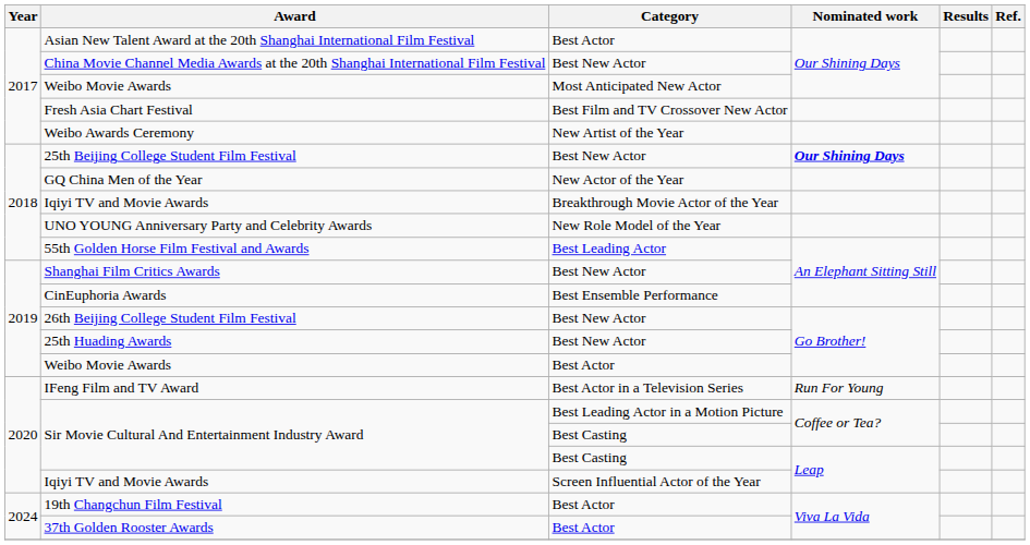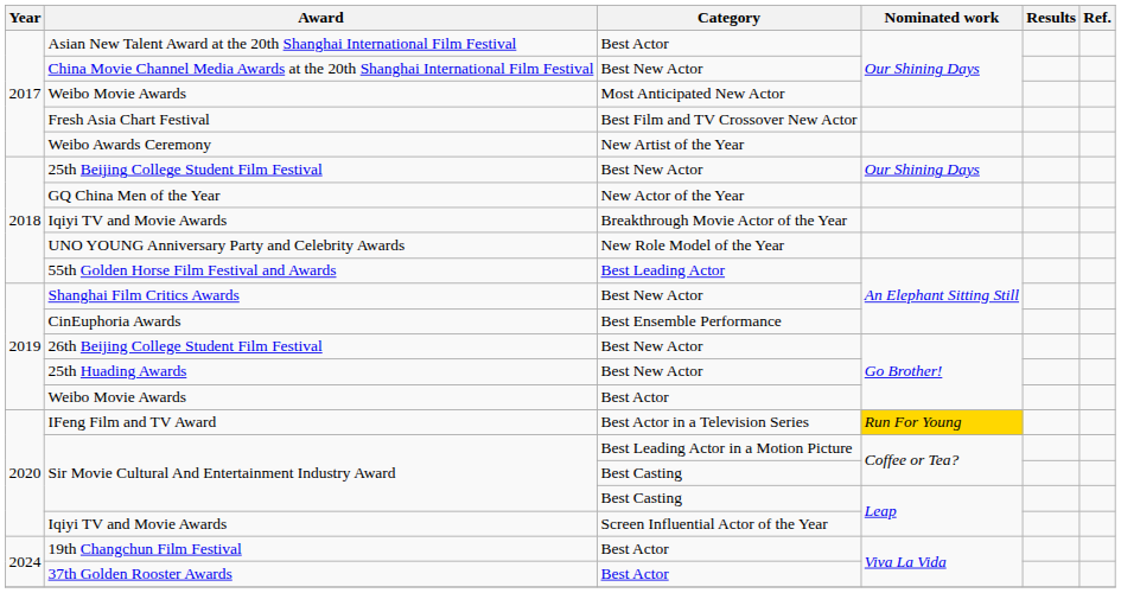 <table class="wikitable">
 <tr>
 <th>Year</th>
 <th>Award</th>
 <th>Category</th>
 <th>Nominated work</th>
 <th>Results</th>
 <th>Ref.</th>
 </tr>
 <tr>
 <td rowspan="5">2017</td>
 <td>Asian New Talent Award at the 20th <a href='#'>Shanghai International Film Festival</a></td>
 <td>Best Actor</td>
 <td rowspan="3"><em><a href='#'>Our Shining Days</a></em></td>
 <td></td>
 <td></td>
 </tr>
 <tr>
 <td><a href='#'>China Movie Channel Media Awards</a> at the 20th <a href='#'>Shanghai International Film Festival</a></td>
 <td>Best New Actor</td>
 <td></td>
 <td></td>
 </tr>
 <tr>
 <td>Weibo Movie Awards</td>
 <td>Most Anticipated New Actor</td>
 <td></td>
 <td></td>
 </tr>
 <tr>
 <td>Fresh Asia Chart Festival</td>
 <td>Best Film and TV Crossover New Actor</td>
 <td></td>
 <td></td>
 <td></td>
 </tr>
 <tr>
 <td>Weibo Awards Ceremony</td>
 <td>New Artist of the Year</td>
 <td></td>
 <td></td>
 <td></td>
 </tr>
 <tr>
 <td rowspan="5">2018</td>
 <td>25th <a href='#'>Beijing College Student Film Festival</a></td>
 <td>Best New Actor</td>
-<td><strong><em><a href='#'>Our Shining Days</a></em></strong></td>
+<td><em><a href='#'>Our Shining Days</a></em></td>
 <td></td>
 <td></td>
 </tr>
 <tr>
 <td>GQ China Men of the Year</td>
 <td>New Actor of the Year</td>
 <td></td>
 <td></td>
 <td></td>
 </tr>
 <tr>
 <td>Iqiyi TV and Movie Awards</td>
 <td>Breakthrough Movie Actor of the Year</td>
 <td></td>
 <td></td>
 <td></td>
 </tr>
 <tr>
 <td>UNO YOUNG Anniversary Party and Celebrity Awards</td>
 <td>New Role Model of the Year</td>
 <td></td>
 <td></td>
 <td></td>
 </tr>
 <tr>
 <td>55th <a href='#'>Golden Horse Film Festival and Awards</a></td>
 <td><a href='#'>Best Leading Actor</a></td>
 <td rowspan="3"><em><a href='#'>An Elephant Sitting Still</a></em></td>
 <td></td>
 <td></td>
 </tr>
 <tr>
 <td rowspan="5">2019</td>
 <td><a href='#'>Shanghai Film Critics Awards</a></td>
 <td>Best New Actor</td>
 <td></td>
 <td></td>
 </tr>
 <tr>
 <td>CinEuphoria Awards</td>
 <td>Best Ensemble Performance</td>
 <td></td>
 <td></td>
 </tr>
 <tr>
 <td>26th <a href='#'>Beijing College Student Film Festival</a></td>
 <td>Best New Actor</td>
 <td rowspan="3"><em><a href='#'>Go Brother!</a></em></td>
 <td></td>
 <td></td>
 </tr>
 <tr>
 <td>25th <a href='#'>Huading Awards</a></td>
 <td>Best New Actor</td>
 <td></td>
 <td></td>
 </tr>
 <tr>
 <td>Weibo Movie Awards</td>
 <td>Best Actor</td>
 <td></td>
 <td></td>
 </tr>
 <tr>
 <td rowspan="5">2020</td>
 <td>IFeng Film and TV Award</td>
 <td>Best Actor in a Television Series</td>
-<td><em>Run For Young</em></td>
+<td style="background: gold;"><em>Run For Young</em></td>
 <td></td>
 <td></td>
 </tr>
 <tr>
 <td rowspan="3">Sir Movie Cultural And Entertainment Industry Award</td>
 <td>Best Leading Actor in a Motion Picture</td>
 <td rowspan="2"><em>Coffee or Tea?</em></td>
 <td></td>
 <td></td>
 </tr>
 <tr>
 <td>Best Casting</td>
 <td></td>
 <td></td>
 </tr>
 <tr>
 <td>Best Casting</td>
 <td rowspan="2"><em><a href='#'>Leap</a></em></td>
 <td></td>
 <td></td>
 </tr>
 <tr>
 <td>Iqiyi TV and Movie Awards</td>
 <td>Screen Influential Actor of the Year</td>
 <td></td>
 <td></td>
 </tr>
 <tr>
 <td rowspan="2">2024</td>
 <td>19th <a href='#'>Changchun Film Festival</a></td>
 <td rowspan="1">Best Actor</td>
 <td rowspan="2"><em><a href='#'>Viva La Vida</a></em></td>
 <td></td>
 <td></td>
 </tr>
 <tr>
 <td><a href='#'>37th Golden Rooster Awards</a></td>
 <td><a href='#'>Best Actor</a></td>
 <td></td>
 <td></td>
 </tr>
 <tr>
 </tr>
 </table>
